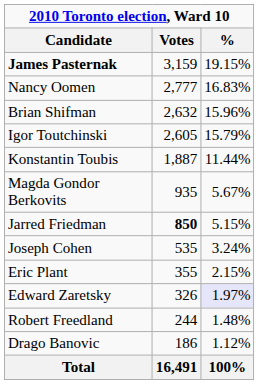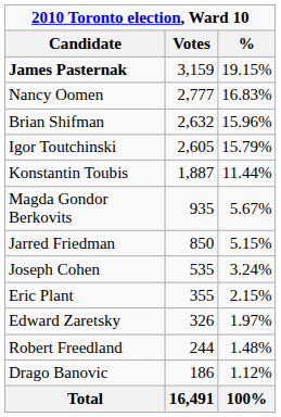 <table class="wikitable">
 <tr>
 <td Colspan="3" align="center"><strong><a href='#'>2010 Toronto election</a>, Ward 10</strong></td>
 </tr>
 <tr>
 <th bgcolor="#DDDDFF" width="150px">Candidate</th>
 <th bgcolor="#DDDDFF">Votes</th>
 <th bgcolor="#DDDDFF">%</th>
 </tr>
 <tr>
 <td><strong>James Pasternak</strong></td>
 <td align=right>3,159</td>
 <td align=right>19.15%</td>
 </tr>
 <tr>
 <td>Nancy Oomen</td>
 <td align=right>2,777</td>
 <td align=right>16.83%</td>
 </tr>
 <tr>
 <td>Brian Shifman</td>
 <td align=right>2,632</td>
 <td align=right>15.96%</td>
 </tr>
 <tr>
 <td>Igor Toutchinski</td>
 <td align=right>2,605</td>
 <td align=right>15.79%</td>
 </tr>
 <tr>
 <td>Konstantin Toubis</td>
 <td align=right>1,887</td>
 <td align=right>11.44%</td>
 </tr>
 <tr>
 <td>Magda Gondor Berkovits</td>
 <td align=right>935</td>
 <td align=right>5.67%</td>
 </tr>
 <tr>
 <td>Jarred Friedman</td>
-<td align=right><strong>850</strong></td>
+<td align=right>850</td>
 <td align=right>5.15%</td>
 </tr>
 <tr>
 <td>Joseph Cohen</td>
 <td align=right>535</td>
 <td align=right>3.24%</td>
 </tr>
 <tr>
 <td>Eric Plant</td>
 <td align=right>355</td>
 <td align=right>2.15%</td>
 </tr>
 <tr>
 <td>Edward Zaretsky</td>
 <td align=right>326</td>
-<td align=right style="background: lavender;">1.97%</td>
+<td align=right>1.97%</td>
 </tr>
 <tr>
 <td>Robert Freedland</td>
 <td align=right>244</td>
 <td align=right>1.48%</td>
 </tr>
 <tr>
 <td>Drago Banovic</td>
 <td align=right>186</td>
 <td align=right>1.12%</td>
 </tr>
 <tr>
 <th>Total</th>
 <th align=right>16,491</th>
 <th align=right>100%</th>
 </tr>
 </table>
